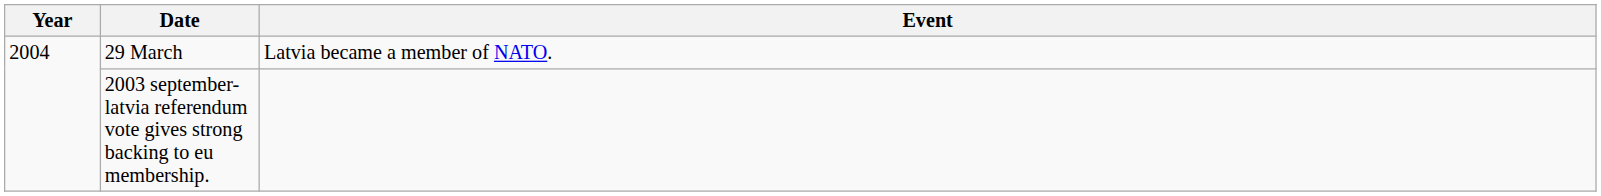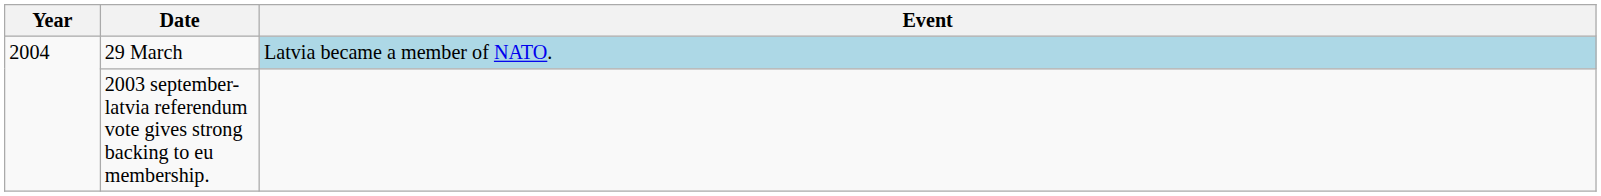 <table class="wikitable" width="100%">
 <tr>
 <th style="width:6%">Year</th>
 <th style="width:10%">Date</th>
 <th>Event</th>
 </tr>
 <tr>
 <td rowspan="2" valign="top">2004</td>
 <td>29 March</td>
-<td>Latvia became a member of <a href='#'>NATO</a>.</td>
+<td style="background: lightblue;">Latvia became a member of <a href='#'>NATO</a>.</td>
 </tr>
 <tr>
 <td>2003 september- latvia referendum vote gives strong backing to eu membership.</td>
 </tr>
 </table>
